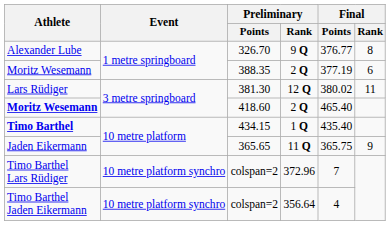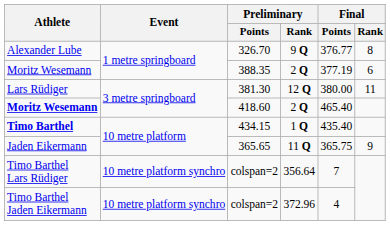 <table class=wikitable style="font-size:90%">
 <tr>
 <th rowspan="2">Athlete</th>
 <th rowspan="2">Event</th>
 <th colspan="2">Preliminary</th>
 <th colspan="2">Final</th>
 </tr>
 <tr style="font-size:95%">
 <th>Points</th>
 <th>Rank</th>
 <th>Points</th>
 <th>Rank</th>
 </tr>
 <tr align=center>
 <td align=left><a href='#'>Alexander Lube</a></td>
 <td align=left rowspan=2><a href='#'>1 metre springboard</a></td>
 <td>326.70</td>
 <td>9 <strong>Q</strong></td>
 <td>376.77</td>
 <td>8</td>
 </tr>
 <tr align=center>
 <td align=left><a href='#'>Moritz Wesemann</a></td>
 <td>388.35</td>
 <td>2 <strong>Q</strong></td>
 <td>377.19</td>
 <td>6</td>
 </tr>
 <tr align=center>
 <td align=left><a href='#'>Lars Rüdiger</a></td>
 <td align=left rowspan=2><a href='#'>3 metre springboard</a></td>
 <td>381.30</td>
 <td>12 <strong>Q</strong></td>
-<td>380.02</td>
+<td>380.00</td>
 <td>11</td>
 </tr>
 <tr align=center>
 <td align=left><strong><a href='#'>Moritz Wesemann</a></strong></td>
 <td>418.60</td>
 <td>2 <strong>Q</strong></td>
 <td>465.40</td>
 <td></td>
 </tr>
 <tr align=center>
 <td align=left><strong><a href='#'>Timo Barthel</a></strong></td>
 <td align=left rowspan=2><a href='#'>10 metre platform</a></td>
 <td>434.15</td>
 <td>1 <strong>Q</strong></td>
 <td>435.40</td>
 <td></td>
 </tr>
 <tr align=center>
 <td align=left><a href='#'>Jaden Eikermann</a></td>
 <td>365.65</td>
 <td>11 <strong>Q</strong></td>
 <td>365.75</td>
 <td>9</td>
 </tr>
 <tr align=center>
 <td align=left><a href='#'>Timo Barthel</a><br><a href='#'>Lars Rüdiger</a></td>
 <td align=left><a href='#'>10 metre platform synchro</a></td>
 <td>colspan=2</td>
-<td>372.96</td>
+<td>356.64</td>
 <td>7</td>
 </tr>
 <tr align=center>
 <td align=left><a href='#'>Timo Barthel</a><br><a href='#'>Jaden Eikermann</a></td>
 <td align=left><a href='#'>10 metre platform synchro</a></td>
 <td>colspan=2</td>
-<td>356.64</td>
+<td>372.96</td>
 <td>4</td>
 </tr>
 </table>
